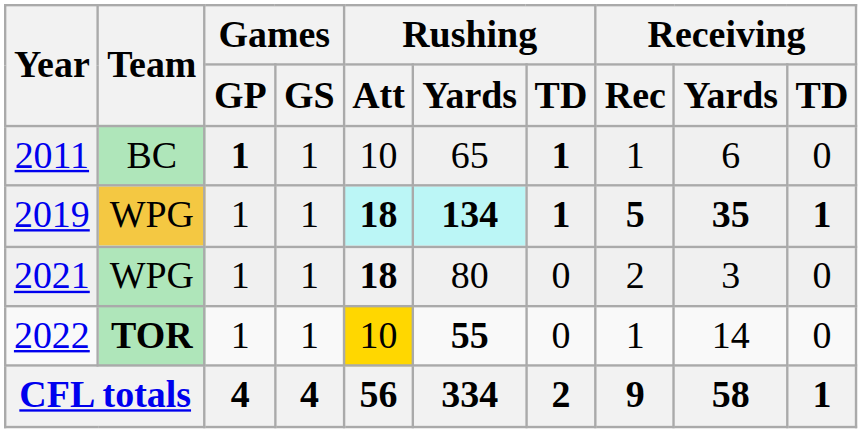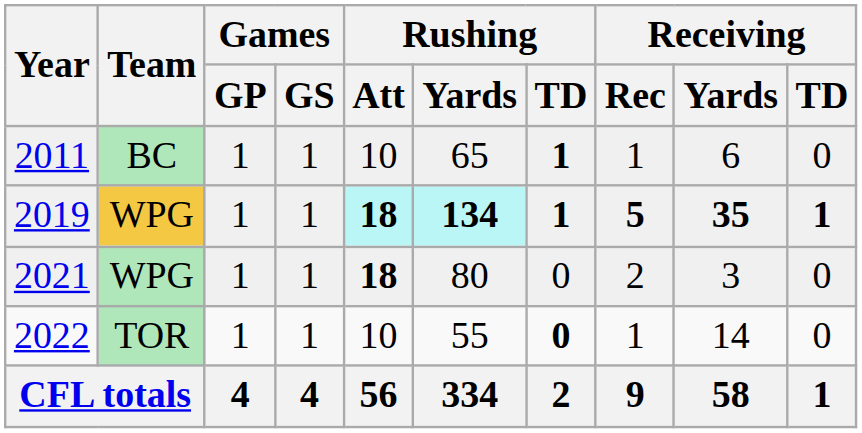 <table class="wikitable" style="text-align:center">
 <tr>
 <th rowspan="2">Year</th>
 <th rowspan="2">Team</th>
 <th colspan="2">Games</th>
 <th colspan="3">Rushing</th>
 <th colspan="3">Receiving</th>
 </tr>
 <tr>
 <th>GP</th>
 <th>GS</th>
 <th>Att</th>
 <th>Yards</th>
 <th>TD</th>
 <th>Rec</th>
 <th>Yards</th>
 <th>TD</th>
 </tr>
 <tr bgcolor="#f0f0f0">
 <td><a href='#'>2011</a></td>
 <td style="background:#afe6ba">BC</td>
-<td><strong>1</strong></td>
+<td>1</td>
 <td>1</td>
 <td>10</td>
 <td>65</td>
 <td><strong>1</strong></td>
 <td>1</td>
 <td>6</td>
 <td>0</td>
 </tr>
 <tr bgcolor="#f0f0f0">
 <td><a href='#'>2019</a></td>
 <td style="background:#f4c842">WPG</td>
 <td>1</td>
 <td>1</td>
 <td style="background:#bbf6f6"><strong>18</strong></td>
 <td style="background:#bbf6f6"><strong>134</strong></td>
 <td><strong>1</strong></td>
 <td><strong>5</strong></td>
 <td><strong>35</strong></td>
 <td><strong>1</strong></td>
 </tr>
 <tr bgcolor="#f0f0f0">
 <td><a href='#'>2021</a></td>
 <td style="background:#afe6ba">WPG</td>
 <td>1</td>
 <td>1</td>
 <td><strong>18</strong></td>
 <td>80</td>
 <td>0</td>
 <td>2</td>
 <td>3</td>
 <td>0</td>
 </tr>
 <tr>
 <td><a href='#'>2022</a></td>
-<td style="background:#afe6ba"><strong>TOR</strong></td>
+<td style="background:#afe6ba">TOR</td>
 <td>1</td>
 <td>1</td>
-<td style="background: gold;">10</td>
-<td><strong>55</strong></td>
-<td>0</td>
+<td>10</td>
+<td>55</td>
+<td><strong>0</strong></td>
 <td>1</td>
 <td>14</td>
 <td>0</td>
 </tr>
 <tr bgcolor="#e0e0e0">
 <th colspan="2"><a href='#'>CFL totals</a></th>
 <th>4</th>
 <th>4</th>
 <th>56</th>
 <th>334</th>
 <th>2</th>
 <th>9</th>
 <th>58</th>
 <th>1</th>
 </tr>
 </table>
